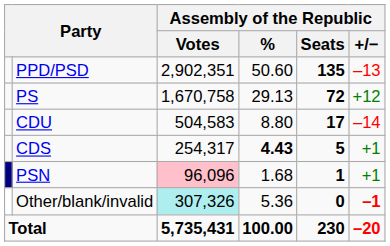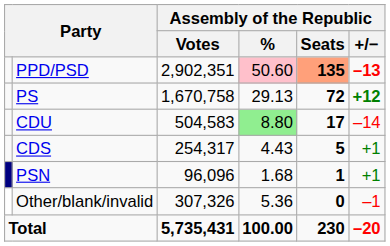 <table class="wikitable" style="text-align:right; font-size:95%;">
 <tr>
 <th colspan="2" rowspan="2">Party</th>
 <th colspan="4">Assembly of the Republic</th>
 </tr>
 <tr>
 <th>Votes</th>
 <th>%</th>
 <th>Seats</th>
 <th>+/−</th>
 </tr>
 <tr>
 <td style="background:"></td>
 <td align="left"><a href='#'>PPD/PSD</a></td>
 <td>2,902,351</td>
-<td>50.60</td>
-<td><strong>135</strong></td>
-<td style="color:red;">–13</td>
+<td style="background: pink;">50.60</td>
+<td style="background: lightsalmon;"><strong>135</strong></td>
+<td style="color:red;"><strong>–13</strong></td>
 </tr>
 <tr>
 <td style="background:"></td>
 <td align="left"><a href='#'>PS</a></td>
 <td>1,670,758</td>
 <td>29.13</td>
 <td><strong>72</strong></td>
-<td style="color:green;">+12</td>
+<td style="color:green;"><strong>+12</strong></td>
 </tr>
 <tr>
 <td style="background:"></td>
 <td align="left"><a href='#'>CDU</a></td>
 <td>504,583</td>
-<td>8.80</td>
+<td style="background: lightgreen;">8.80</td>
 <td><strong>17</strong></td>
 <td style="color:red;">–14</td>
 </tr>
 <tr>
 <td style="background:"></td>
 <td align="left"><a href='#'>CDS</a></td>
 <td>254,317</td>
-<td><strong>4.43</strong></td>
+<td>4.43</td>
 <td><strong>5</strong></td>
 <td style="color:green;">+1</td>
 </tr>
 <tr>
 <td style="background:#000080;"></td>
 <td align="left"><a href='#'>PSN</a></td>
-<td style="background: pink;">96,096</td>
+<td>96,096</td>
 <td>1.68</td>
 <td><strong>1</strong></td>
 <td style="color:green;">+1</td>
 </tr>
 <tr>
 <td style="background:white;"></td>
 <td align="left">Other/blank/invalid</td>
-<td style="background: paleturquoise;">307,326</td>
+<td>307,326</td>
 <td>5.36</td>
 <td><strong>0</strong></td>
-<td style="color:red;"><strong>–1</strong></td>
+<td style="color:red;">–1</td>
 </tr>
 <tr style="font-weight:bold">
 <td colspan="2" align="left">Total</td>
 <td>5,735,431</td>
 <td>100.00</td>
 <td>230</td>
 <td style="color:red;">–20</td>
 </tr>
 </table>
